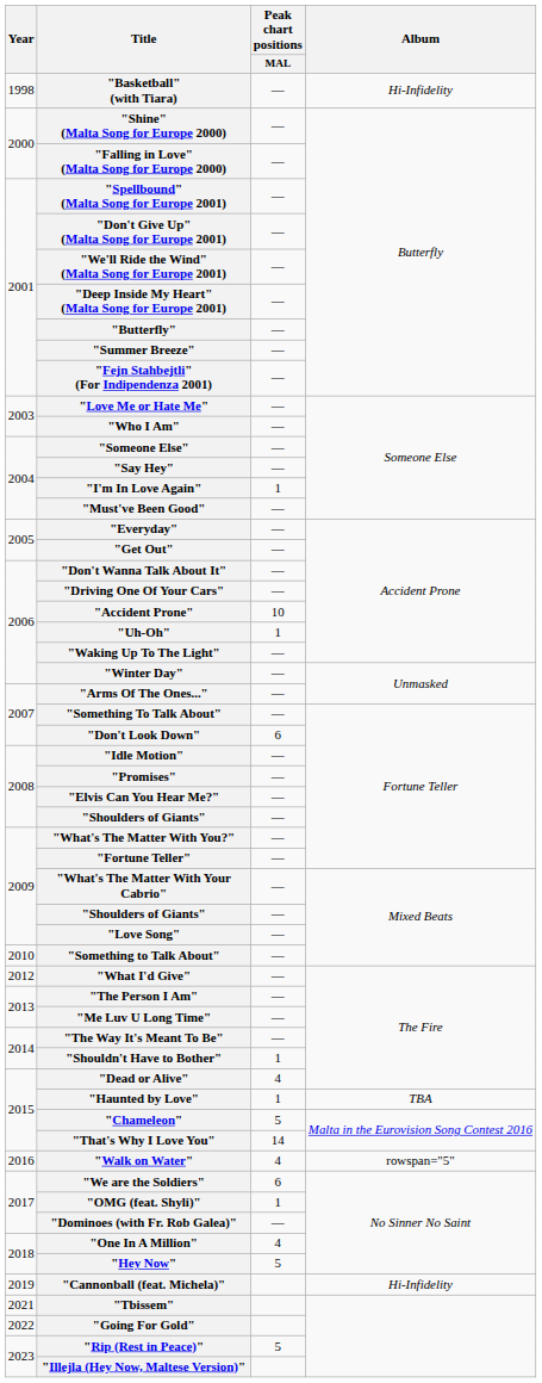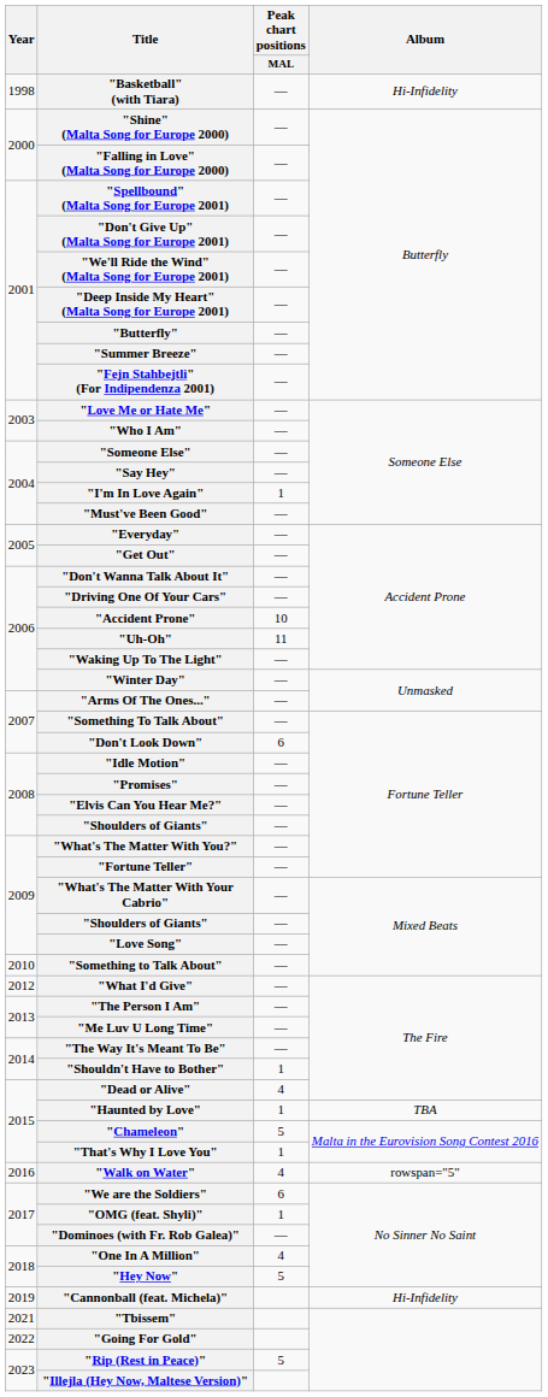 <table class="wikitable plainrowheaders" style="text-align:center;">
 <tr>
 <th scope="col" rowspan="2" style="width:1em;">Year</th>
 <th scope="col" rowspan="2" style="width:16em;">Title</th>
 <th scope="col" colspan="1">Peak chart positions</th>
 <th scope="col" rowspan="2">Album</th>
 </tr>
 <tr>
 <th scope="col" style="width:3em;font-size:85%;">MAL</th>
 </tr>
 <tr>
 <td>1998</td>
 <th scope="row">"Basketball"<br><span>(with Tiara)</span></th>
 <td>—</td>
 <td><em>Hi-Infidelity</em></td>
 </tr>
 <tr>
 <td rowspan="2">2000</td>
 <th scope="row">"Shine"<br><span>(<a href='#'>Malta Song for Europe</a> 2000)</span></th>
 <td>—</td>
 <td rowspan="9"><em>Butterfly</em></td>
 </tr>
 <tr>
 <th scope="row">"Falling in Love"<br><span>(<a href='#'>Malta Song for Europe</a> 2000)</span></th>
 <td>—</td>
 </tr>
 <tr>
 <td rowspan="7">2001</td>
 <th scope="row">"<a href='#'>Spellbound</a>"<br><span>(<a href='#'>Malta Song for Europe</a> 2001)</span></th>
 <td>—</td>
 </tr>
 <tr>
 <th scope="row">"Don't Give Up"<br><span>(<a href='#'>Malta Song for Europe</a> 2001)</span></th>
 <td>—</td>
 </tr>
 <tr>
 <th scope="row">"We'll Ride the Wind"<br><span>(<a href='#'>Malta Song for Europe</a> 2001)</span></th>
 <td>—</td>
 </tr>
 <tr>
 <th scope="row">"Deep Inside My Heart"<br><span>(<a href='#'>Malta Song for Europe</a> 2001)</span></th>
 <td>—</td>
 </tr>
 <tr>
 <th scope="row">"Butterfly"</th>
 <td>—</td>
 </tr>
 <tr>
 <th scope="row">"Summer Breeze"</th>
 <td>—</td>
 </tr>
 <tr>
 <th scope="row">"<a href='#'>Fejn Stahbejtli</a>"<br><span>(For <a href='#'>Indipendenza</a> 2001)</span></th>
 <td>—</td>
 </tr>
 <tr>
 <td rowspan="2">2003</td>
 <th scope="row">"<a href='#'>Love Me or Hate Me</a>"</th>
 <td>—</td>
 <td rowspan="6"><em>Someone Else</em></td>
 </tr>
 <tr>
 <th scope="row">"Who I Am"</th>
 <td>—</td>
 </tr>
 <tr>
 <td rowspan="4">2004</td>
 <th scope="row">"Someone Else"</th>
 <td>—</td>
 </tr>
 <tr>
 <th scope="row">"Say Hey"</th>
 <td>—</td>
 </tr>
 <tr>
 <th scope="row">"I'm In Love Again"</th>
 <td>1</td>
 </tr>
 <tr>
 <th scope="row">"Must've Been Good"</th>
 <td>—</td>
 </tr>
 <tr>
 <td rowspan="2">2005</td>
 <th scope="row">"Everyday"</th>
 <td>—</td>
 <td rowspan="7"><em>Accident Prone</em></td>
 </tr>
 <tr>
 <th scope="row">"Get Out"</th>
 <td>—</td>
 </tr>
 <tr>
 <td rowspan="6">2006</td>
 <th scope="row">"Don't Wanna Talk About It"</th>
 <td>—</td>
 </tr>
 <tr>
 <th scope="row">"Driving One Of Your Cars"</th>
 <td>—</td>
 </tr>
 <tr>
 <th scope="row">"Accident Prone"</th>
 <td>10</td>
 </tr>
 <tr>
 <th scope="row">"Uh-Oh"</th>
-<td>1</td>
+<td>11</td>
 </tr>
 <tr>
 <th scope="row">"Waking Up To The Light"</th>
 <td>—</td>
 </tr>
 <tr>
 <th scope="row">"Winter Day"</th>
 <td>—</td>
 <td rowspan="2"><em>Unmasked</em></td>
 </tr>
 <tr>
 <td rowspan="3">2007</td>
 <th scope="row">"Arms Of The Ones..."</th>
 <td>—</td>
 </tr>
 <tr>
 <th scope="row">"Something To Talk About"</th>
 <td>—</td>
 <td rowspan="8"><em>Fortune Teller</em></td>
 </tr>
 <tr>
 <th scope="row">"Don't Look Down"</th>
 <td>6</td>
 </tr>
 <tr>
 <td rowspan="4">2008</td>
 <th scope="row">"Idle Motion"</th>
 <td>—</td>
 </tr>
 <tr>
 <th scope="row">"Promises"</th>
 <td>—</td>
 </tr>
 <tr>
 <th scope="row">"Elvis Can You Hear Me?"</th>
 <td>—</td>
 </tr>
 <tr>
 <th scope="row">"Shoulders of Giants"</th>
 <td>—</td>
 </tr>
 <tr>
 <td rowspan="5">2009</td>
 <th scope="row">"What's The Matter With You?"</th>
 <td>—</td>
 </tr>
 <tr>
 <th scope="row">"Fortune Teller"</th>
 <td>—</td>
 </tr>
 <tr>
 <th scope="row">"What's The Matter With Your Cabrio"</th>
 <td>—</td>
 <td rowspan="4"><em>Mixed Beats</em></td>
 </tr>
 <tr>
 <th scope="row">"Shoulders of Giants"</th>
 <td>—</td>
 </tr>
 <tr>
 <th scope="row">"Love Song"</th>
 <td>—</td>
 </tr>
 <tr>
 <td>2010</td>
 <th scope="row">"Something to Talk About"</th>
 <td>—</td>
 </tr>
 <tr>
 <td>2012</td>
 <th scope="row">"What I'd Give"</th>
 <td>—</td>
 <td rowspan="6"><em>The Fire</em></td>
 </tr>
 <tr>
 <td rowspan="2">2013</td>
 <th scope="row">"The Person I Am"</th>
 <td>—</td>
 </tr>
 <tr>
 <th scope="row">"Me Luv U Long Time"</th>
 <td>—</td>
 </tr>
 <tr>
 <td rowspan="2">2014</td>
 <th scope="row">"The Way It's Meant To Be"</th>
 <td>—</td>
 </tr>
 <tr>
 <th scope="row">"Shouldn't Have to Bother"</th>
 <td>1</td>
 </tr>
 <tr>
 <td rowspan="4">2015</td>
 <th scope="row">"Dead or Alive"</th>
 <td>4</td>
 </tr>
 <tr>
 <th scope="row">"Haunted by Love"</th>
 <td>1</td>
 <td rowspan="1"><em>TBA</em></td>
 </tr>
 <tr>
 <th scope="row">"<a href='#'>Chameleon</a>"</th>
 <td>5</td>
 <td rowspan="2"><em><a href='#'>Malta in the Eurovision Song Contest 2016</a></em></td>
 </tr>
 <tr>
 <th scope="row">"That's Why I Love You"</th>
-<td>14</td>
+<td>1</td>
 </tr>
 <tr>
 <td>2016</td>
 <th scope="row">"<a href='#'>Walk on Water</a>"</th>
 <td>4</td>
 <td>rowspan="5" </td>
 </tr>
 <tr>
 <td rowspan="3">2017</td>
 <th scope="row">"We are the Soldiers"</th>
 <td>6</td>
 <td rowspan="5"><em>No Sinner No Saint</em></td>
 </tr>
 <tr>
 <th scope="row">"OMG (feat. Shyli)"</th>
 <td>1</td>
 </tr>
 <tr>
 <th scope="row">"Dominoes (with Fr. Rob Galea)"</th>
 <td>—</td>
 </tr>
 <tr>
 <td rowspan="2">2018</td>
 <th scope="row">"One In A Million"</th>
 <td>4</td>
 </tr>
 <tr>
 <th scope="row">"<a href='#'>Hey Now</a>"</th>
 <td>5</td>
 </tr>
 <tr>
 <td>2019</td>
 <th scope="row">"Cannonball (feat. Michela)"</th>
 <td></td>
 <td><em>Hi-Infidelity</em></td>
 </tr>
 <tr>
 <td>2021</td>
 <th scope="row">"Tbissem"</th>
 <td></td>
 </tr>
 <tr>
 <td>2022</td>
 <th scope="row">"Going For Gold"</th>
 <td></td>
 </tr>
 <tr>
 <td rowspan="2">2023</td>
 <th scope="row">"<a href='#'>Rip (Rest in Peace)</a>"<br></th>
 <td>5</td>
 </tr>
 <tr>
 <th scope="row">"<a href='#'>Illejla (Hey Now, Maltese Version)</a>"</th>
 <td></td>
 </tr>
 </table>
